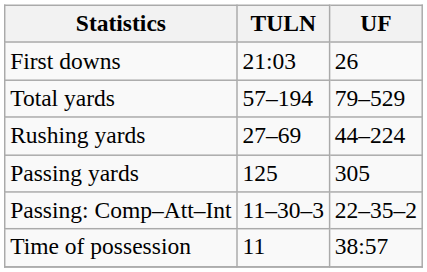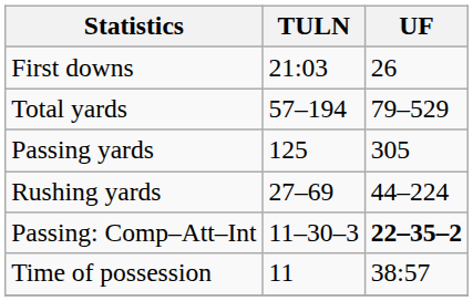 <table class="wikitable" style="float: left;">
 <tr>
 <th>Statistics</th>
 <th>TULN</th>
 <th>UF</th>
 </tr>
 <tr>
 <td>First downs</td>
 <td>21:03</td>
 <td>26</td>
 </tr>
 <tr>
 <td>Total yards</td>
 <td>57–194</td>
 <td>79–529</td>
 </tr>
 <tr>
+<td>Passing yards</td>
+<td>125</td>
+<td>305</td>
+</tr>
+<tr>
 <td>Rushing yards</td>
 <td>27–69</td>
 <td>44–224</td>
 </tr>
 <tr>
-<td>Passing yards</td>
-<td>125</td>
-<td>305</td>
-</tr>
-<tr>
 <td>Passing: Comp–Att–Int</td>
 <td>11–30–3</td>
-<td>22–35–2</td>
+<td><strong>22–35–2</strong></td>
 </tr>
 <tr>
 <td>Time of possession</td>
 <td>11</td>
 <td>38:57</td>
 </tr>
 <tr>
 </tr>
 </table>
